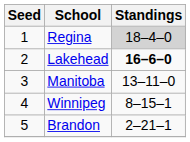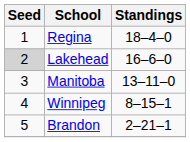 <table class="wikitable">
 <tr>
 <th>Seed</th>
 <th>School</th>
 <th>Standings</th>
 </tr>
 <tr>
 <td align=center>1</td>
 <td><a href='#'>Regina</a></td>
-<td align=center style="background: lightgrey;">18–4–0</td>
+<td align=center>18–4–0</td>
 </tr>
 <tr>
-<td align=center>2</td>
+<td align=center style="background: lightgrey;">2</td>
 <td><a href='#'>Lakehead</a></td>
-<td align=center><strong>16–6–0</strong></td>
+<td align=center>16–6–0</td>
 </tr>
 <tr>
 <td align=center>3</td>
 <td><a href='#'>Manitoba</a></td>
 <td align=center>13–11–0</td>
 </tr>
 <tr>
 <td align=center>4</td>
 <td><a href='#'>Winnipeg</a></td>
 <td align=center>8–15–1</td>
 </tr>
 <tr>
 <td align=center>5</td>
 <td><a href='#'>Brandon</a></td>
 <td align=center>2–21–1</td>
 </tr>
 <tr>
 </tr>
 </table>
